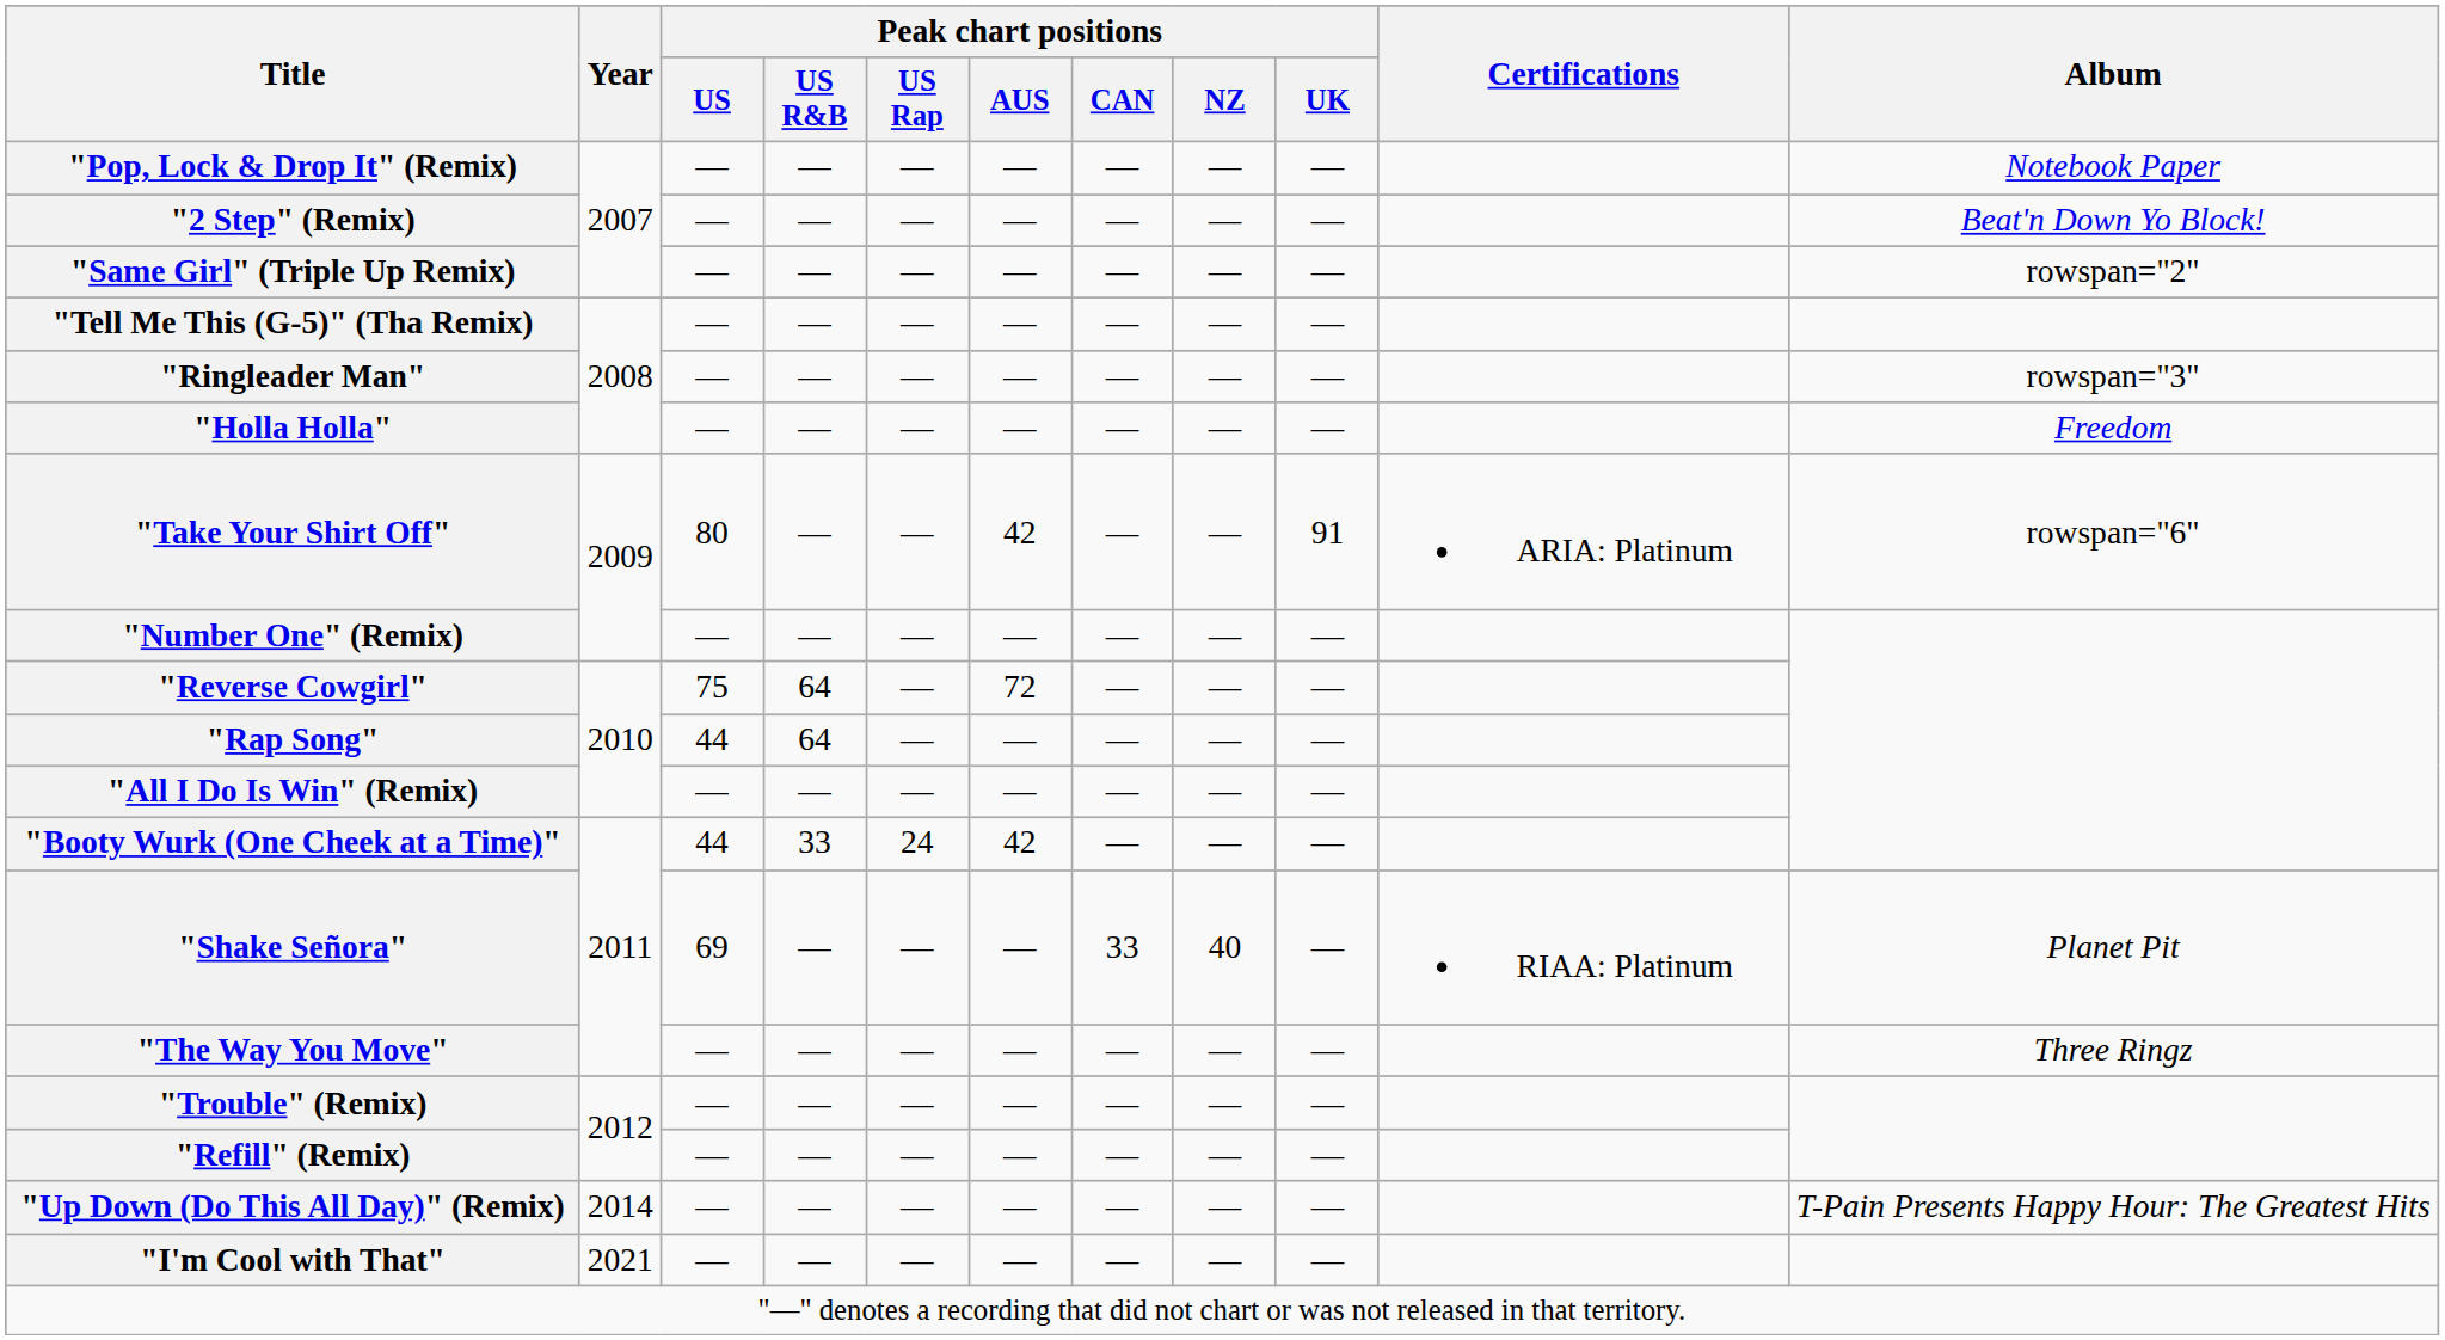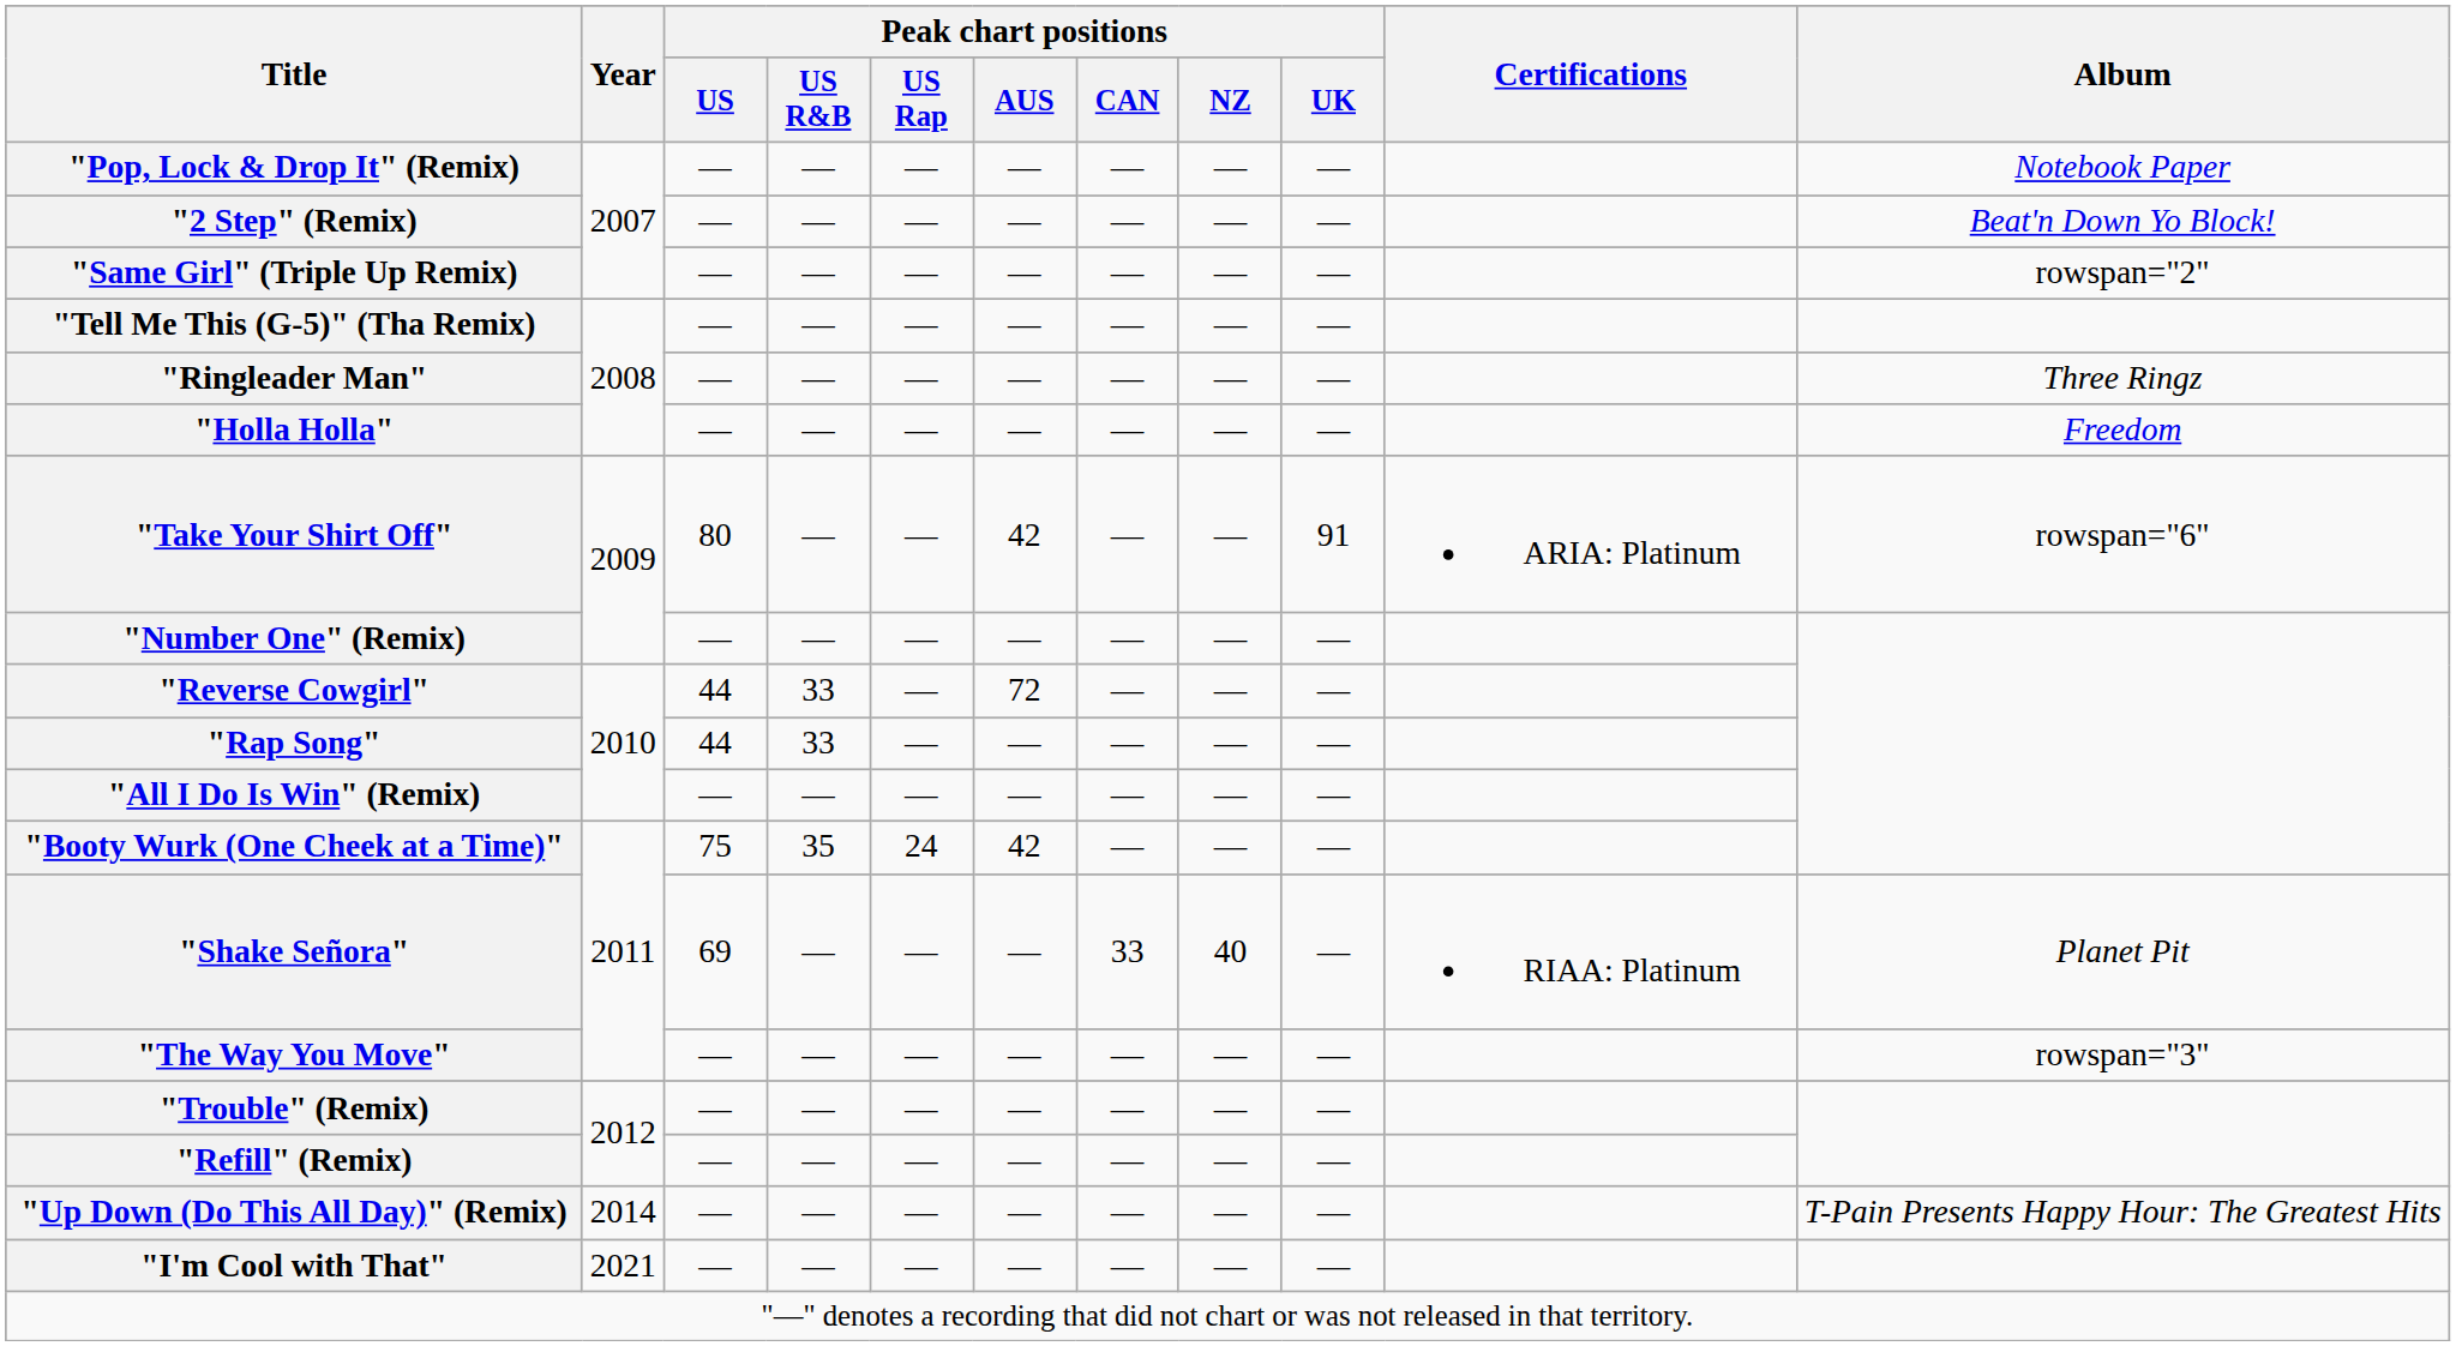 <table class="wikitable plainrowheaders" style="text-align:center;">
 <tr>
 <th scope="col" rowspan="2" style="width:17em;">Title</th>
 <th scope="col" rowspan="2">Year</th>
 <th scope="col" colspan="7">Peak chart positions</th>
 <th scope="col" rowspan="2" style="width:12em;"><a href='#'>Certifications</a></th>
 <th scope="col" rowspan="2">Album</th>
 </tr>
 <tr>
 <th scope="col" style="width:3em;font-size:90%;"><a href='#'>US</a><br></th>
 <th scope="col" style="width:3em;font-size:90%;"><a href='#'>US R&B</a><br></th>
 <th scope="col" style="width:3em;font-size:90%;"><a href='#'>US Rap</a><br></th>
 <th scope="col" style="width:3em;font-size:90%;"><a href='#'>AUS</a><br></th>
 <th scope="col" style="width:3em;font-size:90%;"><a href='#'>CAN</a><br></th>
 <th scope="col" style="width:3em;font-size:90%;"><a href='#'>NZ</a><br></th>
 <th scope="col" style="width:3em;font-size:90%;"><a href='#'>UK</a><br></th>
 </tr>
 <tr>
 <th scope="row">"<a href='#'>Pop, Lock & Drop It</a>" (Remix)<br></th>
 <td rowspan="3">2007</td>
 <td>—</td>
 <td>—</td>
 <td>—</td>
 <td>—</td>
 <td>—</td>
 <td>—</td>
 <td>—</td>
 <td></td>
 <td><em><a href='#'>Notebook Paper</a></em></td>
 </tr>
 <tr>
 <th scope="row">"<a href='#'>2 Step</a>" (Remix)<br></th>
 <td>—</td>
 <td>—</td>
 <td>—</td>
 <td>—</td>
 <td>—</td>
 <td>—</td>
 <td>—</td>
 <td></td>
 <td><em><a href='#'>Beat'n Down Yo Block!</a></em></td>
 </tr>
 <tr>
 <th scope="row">"<a href='#'>Same Girl</a>" (Triple Up Remix)<br></th>
 <td>—</td>
 <td>—</td>
 <td>—</td>
 <td>—</td>
 <td>—</td>
 <td>—</td>
 <td>—</td>
 <td></td>
 <td>rowspan="2" </td>
 </tr>
 <tr>
 <th scope="row">"Tell Me This (G-5)" (Tha Remix)<br></th>
 <td rowspan="3">2008</td>
 <td>—</td>
 <td>—</td>
 <td>—</td>
 <td>—</td>
 <td>—</td>
 <td>—</td>
 <td>—</td>
 <td></td>
 </tr>
 <tr>
 <th scope="row">"Ringleader Man"</th>
 <td>—</td>
 <td>—</td>
 <td>—</td>
 <td>—</td>
 <td>—</td>
 <td>—</td>
 <td>—</td>
 <td></td>
-<td>rowspan="3" </td>
+<td><em>Three Ringz</em></td>
 </tr>
 <tr>
 <th scope="row">"<a href='#'>Holla Holla</a>"<br></th>
 <td>—</td>
 <td>—</td>
 <td>—</td>
 <td>—</td>
 <td>—</td>
 <td>—</td>
 <td>—</td>
 <td></td>
 <td><em><a href='#'>Freedom</a></em></td>
 </tr>
 <tr>
 <th scope="row">"<a href='#'>Take Your Shirt Off</a>"</th>
 <td rowspan="2">2009</td>
 <td>80</td>
 <td>—</td>
 <td>—</td>
 <td>42</td>
 <td>—</td>
 <td>—</td>
 <td>91</td>
 <td><br><ul><li>ARIA: Platinum</li></ul></td>
 <td>rowspan="6" </td>
 </tr>
 <tr>
 <th scope="row">"<a href='#'>Number One</a>" (Remix)<br></th>
 <td>—</td>
 <td>—</td>
 <td>—</td>
 <td>—</td>
 <td>—</td>
 <td>—</td>
 <td>—</td>
 <td></td>
 </tr>
 <tr>
 <th scope="row">"<a href='#'>Reverse Cowgirl</a>"</th>
 <td rowspan="3">2010</td>
-<td>75</td>
-<td>64</td>
+<td>44</td>
+<td>33</td>
 <td>—</td>
 <td>72</td>
 <td>—</td>
 <td>—</td>
 <td>—</td>
 <td></td>
 </tr>
 <tr>
 <th scope="row">"<a href='#'>Rap Song</a>"<br></th>
 <td>44</td>
-<td>64</td>
+<td>33</td>
 <td>—</td>
 <td>—</td>
 <td>—</td>
 <td>—</td>
 <td>—</td>
 <td></td>
 </tr>
 <tr>
 <th scope="row">"<a href='#'>All I Do Is Win</a>" (Remix)<br></th>
 <td>—</td>
 <td>—</td>
 <td>—</td>
 <td>—</td>
 <td>—</td>
 <td>—</td>
 <td>—</td>
 <td></td>
 </tr>
 <tr>
 <th scope="row">"<a href='#'>Booty Wurk (One Cheek at a Time)</a>"<br></th>
 <td rowspan="3">2011</td>
-<td>44</td>
-<td>33</td>
+<td>75</td>
+<td>35</td>
 <td>24</td>
 <td>42</td>
 <td>—</td>
 <td>—</td>
 <td>—</td>
 <td></td>
 </tr>
 <tr>
 <th scope="row">"<a href='#'>Shake Señora</a>"<br></th>
 <td>69</td>
 <td>—</td>
 <td>—</td>
 <td>—</td>
 <td>33</td>
 <td>40</td>
 <td>—</td>
 <td><br><ul><li>RIAA: Platinum</li></ul></td>
 <td><em>Planet Pit</em></td>
 </tr>
 <tr>
 <th scope="row">"<a href='#'>The Way You Move</a>"<br></th>
 <td>—</td>
 <td>—</td>
 <td>—</td>
 <td>—</td>
 <td>—</td>
 <td>—</td>
 <td>—</td>
 <td></td>
-<td><em>Three Ringz</em></td>
+<td>rowspan="3" </td>
 </tr>
 <tr>
 <th scope="row">"<a href='#'>Trouble</a>" (Remix)<br></th>
 <td rowspan="2">2012</td>
 <td>—</td>
 <td>—</td>
 <td>—</td>
 <td>—</td>
 <td>—</td>
 <td>—</td>
 <td>—</td>
 <td></td>
 </tr>
 <tr>
 <th scope="row">"<a href='#'>Refill</a>" (Remix)<br></th>
 <td>—</td>
 <td>—</td>
 <td>—</td>
 <td>—</td>
 <td>—</td>
 <td>—</td>
 <td>—</td>
 <td></td>
 </tr>
 <tr>
 <th scope="row">"<a href='#'>Up Down (Do This All Day)</a>" (Remix)<br></th>
 <td>2014</td>
 <td>—</td>
 <td>—</td>
 <td>—</td>
 <td>—</td>
 <td>—</td>
 <td>—</td>
 <td>—</td>
 <td></td>
 <td><em>T-Pain Presents Happy Hour: The Greatest Hits</em></td>
 </tr>
 <tr>
 <th scope="row">"I'm Cool with That"</th>
 <td>2021</td>
 <td>—</td>
 <td>—</td>
 <td>—</td>
 <td>—</td>
 <td>—</td>
 <td>—</td>
 <td>—</td>
 <td></td>
 <td></td>
 </tr>
 <tr>
 <td colspan="14" style="font-size:90%">"—" denotes a recording that did not chart or was not released in that territory.</td>
 </tr>
 </table>
